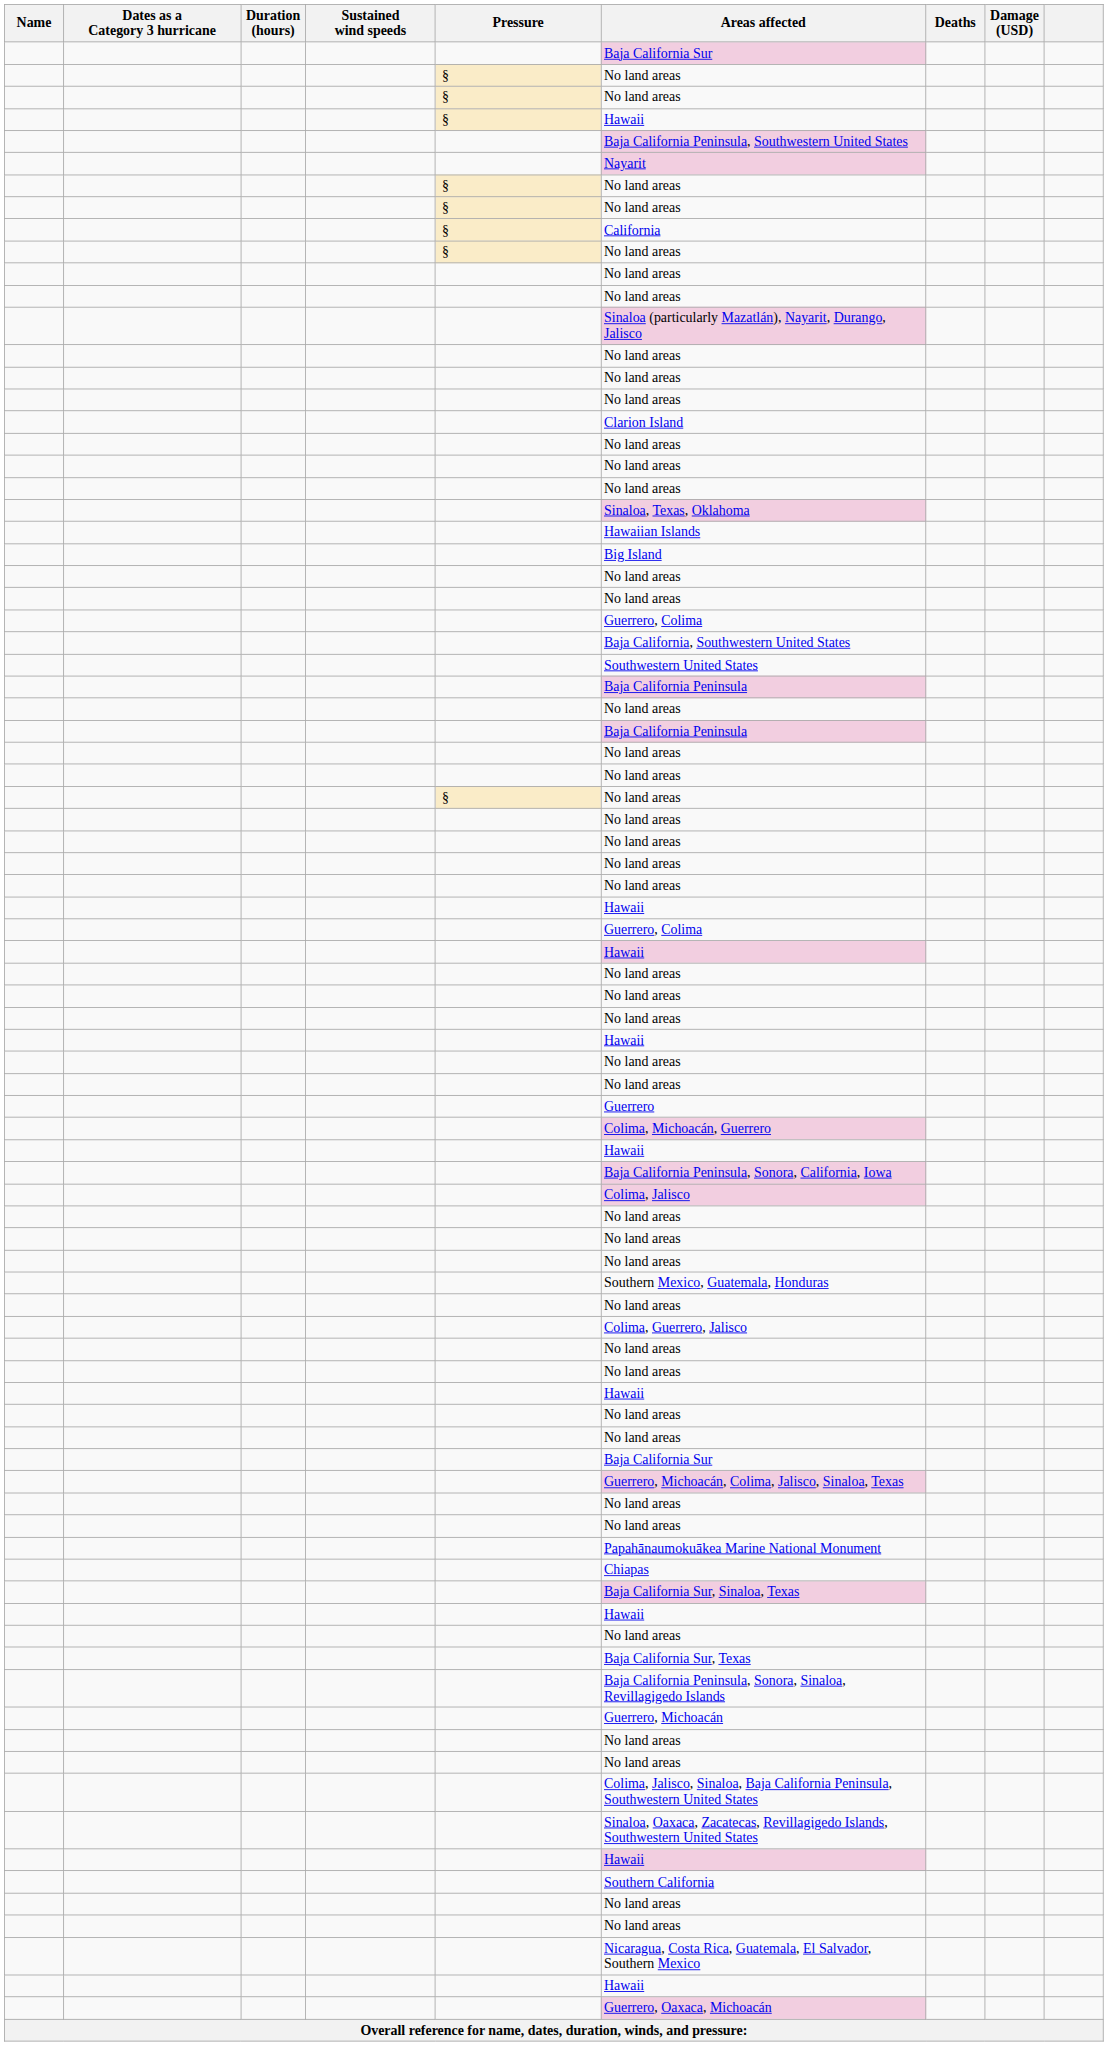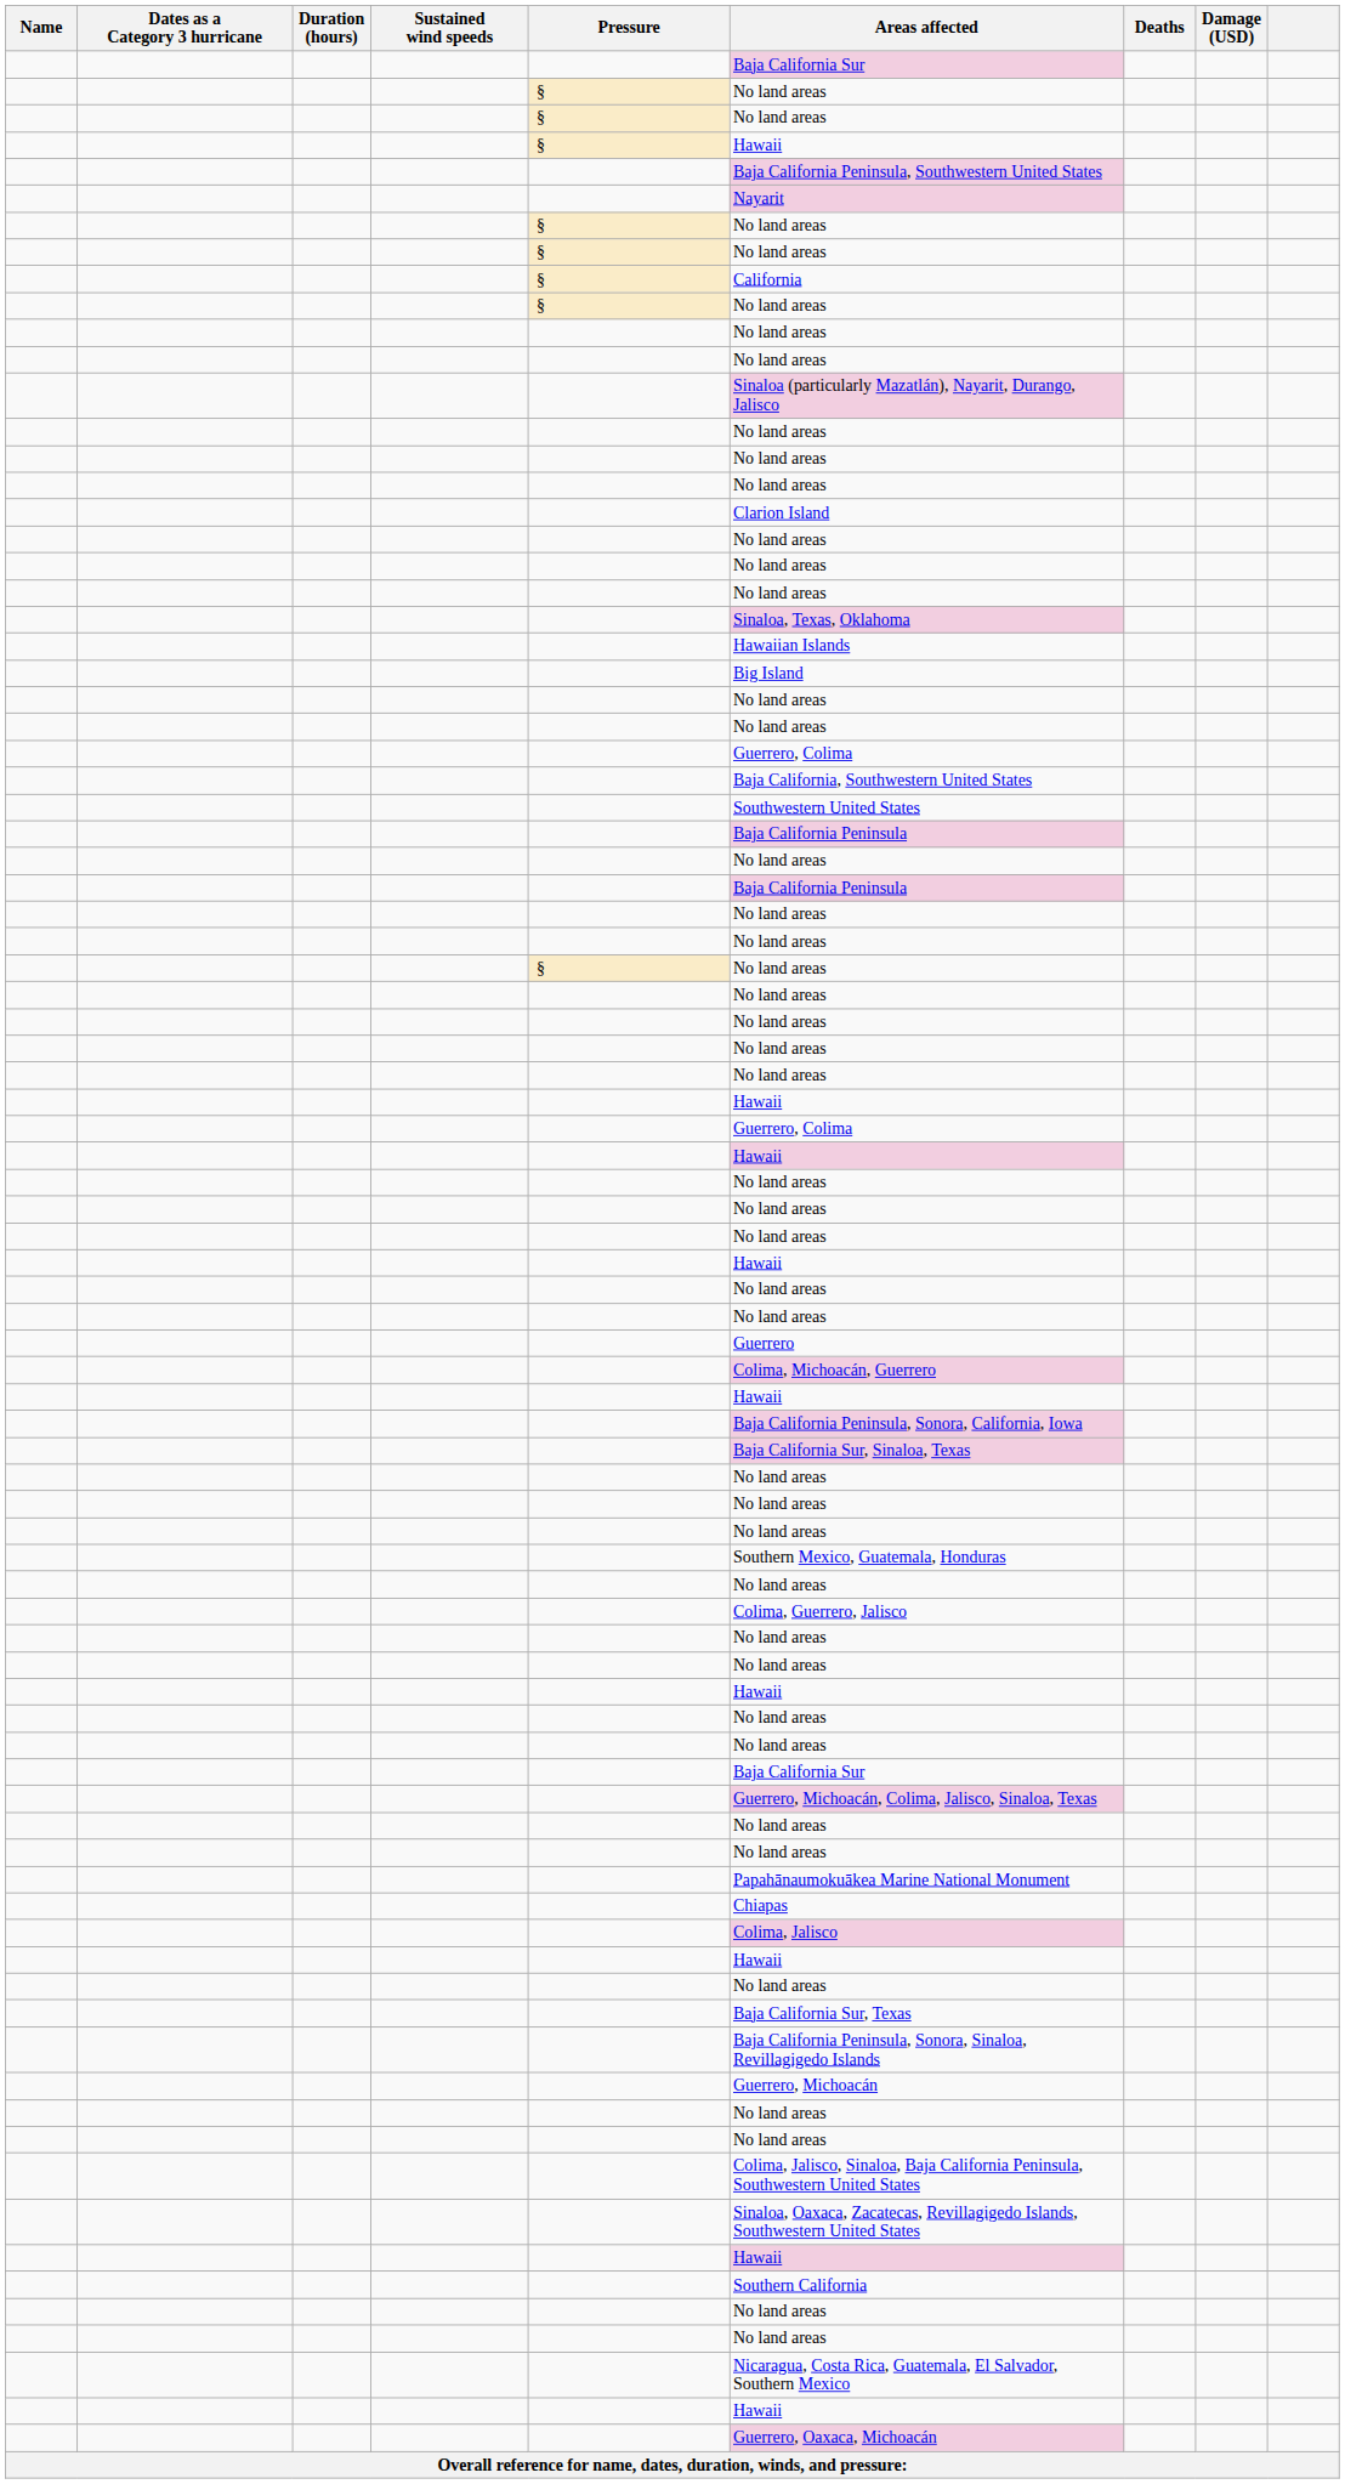 <table class="wikitable sortable" width="100%">
 <tr>
 <th scope="col" width="5%">Name</th>
 <th scope="col" width="15%" data-sort-type="isoDate">Dates as a<br>Category 3 hurricane</th>
 <th scope="col" width="5%">Duration<br>(hours)</th>
 <th scope="col" width="11%">Sustained<br>wind speeds</th>
 <th scope="col" width="14%">Pressure</th>
 <th scope="col" width="27.5%" class="unsortable">Areas affected</th>
 <th scope="col" width="5%">Deaths</th>
 <th scope="col" width="5%">Damage<br>(USD)</th>
 <th scope="col" width="5%" class="unsortable"></th>
 </tr>
 <tr>
 <td></td>
 <td></td>
 <td></td>
 <td></td>
 <td></td>
 <td style="background: #F2CEE0;"><a href='#'>Baja California Sur</a></td>
 <td></td>
 <td></td>
 <td></td>
 </tr>
 <tr>
 <td></td>
 <td></td>
 <td></td>
 <td></td>
 <td style="background: #FAECC8;"> §</td>
 <td>No land areas</td>
 <td></td>
 <td></td>
 <td></td>
 </tr>
 <tr>
 <td></td>
 <td></td>
 <td></td>
 <td></td>
 <td style="background: #FAECC8;"> §</td>
 <td>No land areas</td>
 <td></td>
 <td></td>
 <td></td>
 </tr>
 <tr>
 <td></td>
 <td></td>
 <td></td>
 <td></td>
 <td style="background: #FAECC8;"> §</td>
 <td><a href='#'>Hawaii</a></td>
 <td></td>
 <td></td>
 <td></td>
 </tr>
 <tr>
 <td></td>
 <td></td>
 <td></td>
 <td></td>
 <td></td>
 <td style="background: #F2CEE0;"><a href='#'>Baja California Peninsula</a>, <a href='#'>Southwestern United States</a></td>
 <td></td>
 <td></td>
 <td></td>
 </tr>
 <tr>
 <td></td>
 <td></td>
 <td></td>
 <td></td>
 <td></td>
 <td style="background: #F2CEE0;"><a href='#'>Nayarit</a></td>
 <td></td>
 <td></td>
 <td></td>
 </tr>
 <tr>
 <td></td>
 <td></td>
 <td></td>
 <td></td>
 <td style="background: #FAECC8;"> §</td>
 <td>No land areas</td>
 <td></td>
 <td></td>
 <td></td>
 </tr>
 <tr>
 <td></td>
 <td></td>
 <td></td>
 <td></td>
 <td style="background: #FAECC8;"> §</td>
 <td>No land areas</td>
 <td></td>
 <td></td>
 <td></td>
 </tr>
 <tr>
 <td></td>
 <td></td>
 <td></td>
 <td></td>
 <td style="background: #FAECC8;"> §</td>
 <td><a href='#'>California</a></td>
 <td></td>
 <td></td>
 <td></td>
 </tr>
 <tr>
 <td></td>
 <td></td>
 <td></td>
 <td></td>
 <td style="background: #FAECC8;"> §</td>
 <td>No land areas</td>
 <td></td>
 <td></td>
 <td></td>
 </tr>
 <tr>
 <td></td>
 <td></td>
 <td></td>
 <td></td>
 <td></td>
 <td>No land areas</td>
 <td></td>
 <td></td>
 <td></td>
 </tr>
 <tr>
 <td></td>
 <td></td>
 <td></td>
 <td></td>
 <td></td>
 <td>No land areas</td>
 <td></td>
 <td></td>
 <td></td>
 </tr>
 <tr>
 <td></td>
 <td></td>
 <td></td>
 <td></td>
 <td></td>
 <td style="background: #F2CEE0;"><a href='#'>Sinaloa</a> (particularly <a href='#'>Mazatlán</a>), <a href='#'>Nayarit</a>, <a href='#'>Durango</a>, <a href='#'>Jalisco</a></td>
 <td></td>
 <td></td>
 <td></td>
 </tr>
 <tr>
 <td></td>
 <td></td>
 <td></td>
 <td></td>
 <td></td>
 <td>No land areas</td>
 <td></td>
 <td></td>
 <td></td>
 </tr>
 <tr>
 <td></td>
 <td></td>
 <td></td>
 <td></td>
 <td></td>
 <td>No land areas</td>
 <td></td>
 <td></td>
 <td></td>
 </tr>
 <tr>
 <td></td>
 <td></td>
 <td></td>
 <td></td>
 <td></td>
 <td>No land areas</td>
 <td></td>
 <td></td>
 <td></td>
 </tr>
 <tr>
 <td></td>
 <td></td>
 <td></td>
 <td></td>
 <td></td>
 <td><a href='#'>Clarion Island</a></td>
 <td></td>
 <td></td>
 <td></td>
 </tr>
 <tr>
 <td></td>
 <td></td>
 <td></td>
 <td></td>
 <td></td>
 <td>No land areas</td>
 <td></td>
 <td></td>
 <td></td>
 </tr>
 <tr>
 <td></td>
 <td></td>
 <td></td>
 <td></td>
 <td></td>
 <td>No land areas</td>
 <td></td>
 <td></td>
 <td></td>
 </tr>
 <tr>
 <td></td>
 <td></td>
 <td></td>
 <td></td>
 <td></td>
 <td>No land areas</td>
 <td></td>
 <td></td>
 <td></td>
 </tr>
 <tr>
 <td></td>
 <td></td>
 <td></td>
 <td></td>
 <td></td>
 <td style="background: #F2CEE0;"><a href='#'>Sinaloa</a>, <a href='#'>Texas</a>, <a href='#'>Oklahoma</a></td>
 <td></td>
 <td></td>
 <td></td>
 </tr>
 <tr>
 <td></td>
 <td></td>
 <td></td>
 <td></td>
 <td></td>
 <td><a href='#'>Hawaiian Islands</a></td>
 <td></td>
 <td></td>
 <td></td>
 </tr>
 <tr>
 <td></td>
 <td></td>
 <td></td>
 <td></td>
 <td></td>
 <td><a href='#'>Big Island</a></td>
 <td></td>
 <td></td>
 <td></td>
 </tr>
 <tr>
 <td></td>
 <td></td>
 <td></td>
 <td></td>
 <td></td>
 <td>No land areas</td>
 <td></td>
 <td></td>
 <td></td>
 </tr>
 <tr>
 <td></td>
 <td></td>
 <td></td>
 <td></td>
 <td></td>
 <td>No land areas</td>
 <td></td>
 <td></td>
 <td></td>
 </tr>
 <tr>
 <td></td>
 <td></td>
 <td></td>
 <td></td>
 <td></td>
 <td><a href='#'>Guerrero</a>, <a href='#'>Colima</a></td>
 <td></td>
 <td></td>
 <td></td>
 </tr>
 <tr>
 <td></td>
 <td></td>
 <td></td>
 <td></td>
 <td></td>
 <td><a href='#'>Baja California</a>, <a href='#'>Southwestern United States</a></td>
 <td></td>
 <td></td>
 <td></td>
 </tr>
 <tr>
 <td></td>
 <td></td>
 <td></td>
 <td></td>
 <td></td>
 <td><a href='#'>Southwestern United States</a></td>
 <td></td>
 <td></td>
 <td></td>
 </tr>
 <tr>
 <td></td>
 <td></td>
 <td></td>
 <td></td>
 <td></td>
 <td style="background: #F2CEE0;"><a href='#'>Baja California Peninsula</a></td>
 <td></td>
 <td></td>
 <td></td>
 </tr>
 <tr>
 <td></td>
 <td></td>
 <td></td>
 <td></td>
 <td></td>
 <td>No land areas</td>
 <td></td>
 <td></td>
 <td></td>
 </tr>
 <tr>
 <td></td>
 <td></td>
 <td></td>
 <td></td>
 <td></td>
 <td style="background: #F2CEE0;"><a href='#'>Baja California Peninsula</a></td>
 <td></td>
 <td></td>
 <td></td>
 </tr>
 <tr>
 <td></td>
 <td></td>
 <td></td>
 <td></td>
 <td></td>
 <td>No land areas</td>
 <td></td>
 <td></td>
 <td></td>
 </tr>
 <tr>
 <td></td>
 <td></td>
 <td></td>
 <td></td>
 <td></td>
 <td>No land areas</td>
 <td></td>
 <td></td>
 <td></td>
 </tr>
 <tr>
 <td></td>
 <td></td>
 <td></td>
 <td></td>
 <td style="background: #FAECC8;"> §</td>
 <td>No land areas</td>
 <td></td>
 <td></td>
 <td></td>
 </tr>
 <tr>
 <td></td>
 <td></td>
 <td></td>
 <td></td>
 <td></td>
 <td>No land areas</td>
 <td></td>
 <td></td>
 <td></td>
 </tr>
 <tr>
 <td></td>
 <td></td>
 <td></td>
 <td></td>
 <td></td>
 <td>No land areas</td>
 <td></td>
 <td></td>
 <td></td>
 </tr>
 <tr>
 <td></td>
 <td></td>
 <td></td>
 <td></td>
 <td></td>
 <td>No land areas</td>
 <td></td>
 <td></td>
 <td></td>
 </tr>
 <tr>
 <td></td>
 <td></td>
 <td></td>
 <td></td>
 <td></td>
 <td>No land areas</td>
 <td></td>
 <td></td>
 <td></td>
 </tr>
 <tr>
 <td></td>
 <td></td>
 <td></td>
 <td></td>
 <td></td>
 <td><a href='#'>Hawaii</a></td>
 <td></td>
 <td></td>
 <td></td>
 </tr>
 <tr>
 <td></td>
 <td></td>
 <td></td>
 <td></td>
 <td></td>
 <td><a href='#'>Guerrero</a>, <a href='#'>Colima</a></td>
 <td></td>
 <td></td>
 <td></td>
 </tr>
 <tr>
 <td></td>
 <td></td>
 <td></td>
 <td></td>
 <td></td>
 <td style="background: #F2CEE0;"><a href='#'>Hawaii</a></td>
 <td></td>
 <td></td>
 <td></td>
 </tr>
 <tr>
 <td></td>
 <td></td>
 <td></td>
 <td></td>
 <td></td>
 <td>No land areas</td>
 <td></td>
 <td></td>
 <td></td>
 </tr>
 <tr>
 <td></td>
 <td></td>
 <td></td>
 <td></td>
 <td></td>
 <td>No land areas</td>
 <td></td>
 <td></td>
 <td></td>
 </tr>
 <tr>
 <td></td>
 <td></td>
 <td></td>
 <td></td>
 <td></td>
 <td>No land areas</td>
 <td></td>
 <td></td>
 <td></td>
 </tr>
 <tr>
 <td></td>
 <td></td>
 <td></td>
 <td></td>
 <td></td>
 <td><a href='#'>Hawaii</a></td>
 <td></td>
 <td></td>
 <td></td>
 </tr>
 <tr>
 <td></td>
 <td></td>
 <td></td>
 <td></td>
 <td></td>
 <td>No land areas</td>
 <td></td>
 <td></td>
 <td></td>
 </tr>
 <tr>
 <td></td>
 <td></td>
 <td></td>
 <td></td>
 <td></td>
 <td>No land areas</td>
 <td></td>
 <td></td>
 <td></td>
 </tr>
 <tr>
 <td></td>
 <td></td>
 <td></td>
 <td></td>
 <td></td>
 <td><a href='#'>Guerrero</a></td>
 <td></td>
 <td></td>
 <td></td>
 </tr>
 <tr>
 <td></td>
 <td></td>
 <td></td>
 <td></td>
 <td></td>
 <td style="background: #F2CEE0;"><a href='#'>Colima</a>, <a href='#'>Michoacán</a>, <a href='#'>Guerrero</a></td>
 <td></td>
 <td></td>
 <td></td>
 </tr>
 <tr>
 <td></td>
 <td></td>
 <td></td>
 <td></td>
 <td></td>
 <td><a href='#'>Hawaii</a></td>
 <td></td>
 <td></td>
 <td></td>
 </tr>
 <tr>
 <td></td>
 <td></td>
 <td></td>
 <td></td>
 <td></td>
 <td style="background: #F2CEE0;"><a href='#'>Baja California Peninsula</a>, <a href='#'>Sonora</a>, <a href='#'>California</a>, <a href='#'>Iowa</a></td>
 <td></td>
 <td></td>
 <td></td>
 </tr>
 <tr>
 <td></td>
 <td></td>
 <td></td>
 <td></td>
 <td></td>
-<td style="background: #F2CEE0;"><a href='#'>Colima</a>, <a href='#'>Jalisco</a></td>
+<td style="background: #F2CEE0;"><a href='#'>Baja California Sur</a>, <a href='#'>Sinaloa</a>, <a href='#'>Texas</a></td>
 <td></td>
 <td></td>
 <td></td>
 </tr>
 <tr>
 <td></td>
 <td></td>
 <td></td>
 <td></td>
 <td></td>
 <td>No land areas</td>
 <td></td>
 <td></td>
 <td></td>
 </tr>
 <tr>
 <td></td>
 <td></td>
 <td></td>
 <td></td>
 <td></td>
 <td>No land areas</td>
 <td></td>
 <td></td>
 <td></td>
 </tr>
 <tr>
 <td></td>
 <td></td>
 <td></td>
 <td></td>
 <td></td>
 <td>No land areas</td>
 <td></td>
 <td></td>
 <td></td>
 </tr>
 <tr>
 <td></td>
 <td></td>
 <td></td>
 <td></td>
 <td></td>
 <td>Southern <a href='#'>Mexico</a>, <a href='#'>Guatemala</a>, <a href='#'>Honduras</a></td>
 <td></td>
 <td></td>
 <td></td>
 </tr>
 <tr>
 <td></td>
 <td></td>
 <td></td>
 <td></td>
 <td></td>
 <td>No land areas</td>
 <td></td>
 <td></td>
 <td></td>
 </tr>
 <tr>
 <td></td>
 <td></td>
 <td></td>
 <td></td>
 <td></td>
 <td><a href='#'>Colima</a>, <a href='#'>Guerrero</a>, <a href='#'>Jalisco</a></td>
 <td></td>
 <td></td>
 <td></td>
 </tr>
 <tr>
 <td></td>
 <td></td>
 <td></td>
 <td></td>
 <td></td>
 <td>No land areas</td>
 <td></td>
 <td></td>
 <td></td>
 </tr>
 <tr>
 <td></td>
 <td></td>
 <td></td>
 <td></td>
 <td></td>
 <td>No land areas</td>
 <td></td>
 <td></td>
 <td></td>
 </tr>
 <tr>
 <td></td>
 <td></td>
 <td></td>
 <td></td>
 <td></td>
 <td><a href='#'>Hawaii</a></td>
 <td></td>
 <td></td>
 <td></td>
 </tr>
 <tr>
 <td></td>
 <td></td>
 <td></td>
 <td></td>
 <td></td>
 <td>No land areas</td>
 <td></td>
 <td></td>
 <td></td>
 </tr>
 <tr>
 <td></td>
 <td></td>
 <td></td>
 <td></td>
 <td></td>
 <td>No land areas</td>
 <td></td>
 <td></td>
 <td></td>
 </tr>
 <tr>
 <td></td>
 <td></td>
 <td></td>
 <td></td>
 <td></td>
 <td><a href='#'>Baja California Sur</a></td>
 <td></td>
 <td></td>
 <td></td>
 </tr>
 <tr>
 <td></td>
 <td></td>
 <td></td>
 <td></td>
 <td></td>
 <td style="background: #F2CEE0;"><a href='#'>Guerrero</a>, <a href='#'>Michoacán</a>, <a href='#'>Colima</a>, <a href='#'>Jalisco</a>, <a href='#'>Sinaloa</a>, <a href='#'>Texas</a></td>
 <td></td>
 <td></td>
 <td></td>
 </tr>
 <tr>
 <td></td>
 <td></td>
 <td></td>
 <td></td>
 <td></td>
 <td>No land areas</td>
 <td></td>
 <td></td>
 <td></td>
 </tr>
 <tr>
 <td></td>
 <td></td>
 <td></td>
 <td></td>
 <td></td>
 <td>No land areas</td>
 <td></td>
 <td></td>
 <td></td>
 </tr>
 <tr>
 <td></td>
 <td></td>
 <td></td>
 <td></td>
 <td></td>
 <td><a href='#'>Papahānaumokuākea Marine National Monument</a></td>
 <td></td>
 <td></td>
 <td></td>
 </tr>
 <tr>
 <td></td>
 <td></td>
 <td></td>
 <td></td>
 <td></td>
 <td><a href='#'>Chiapas</a></td>
 <td></td>
 <td></td>
 <td></td>
 </tr>
 <tr>
 <td></td>
 <td></td>
 <td></td>
 <td></td>
 <td></td>
-<td style="background: #F2CEE0;"><a href='#'>Baja California Sur</a>, <a href='#'>Sinaloa</a>, <a href='#'>Texas</a></td>
+<td style="background: #F2CEE0;"><a href='#'>Colima</a>, <a href='#'>Jalisco</a></td>
 <td></td>
 <td></td>
 <td></td>
 </tr>
 <tr>
 <td></td>
 <td></td>
 <td></td>
 <td></td>
 <td></td>
 <td><a href='#'>Hawaii</a></td>
 <td></td>
 <td></td>
 <td></td>
 </tr>
 <tr>
 <td></td>
 <td></td>
 <td></td>
 <td></td>
 <td></td>
 <td>No land areas</td>
 <td></td>
 <td></td>
 <td></td>
 </tr>
 <tr>
 <td></td>
 <td></td>
 <td></td>
 <td></td>
 <td></td>
 <td><a href='#'>Baja California Sur</a>, <a href='#'>Texas</a></td>
 <td></td>
 <td></td>
 <td></td>
 </tr>
 <tr>
 <td></td>
 <td></td>
 <td></td>
 <td></td>
 <td></td>
 <td><a href='#'>Baja California Peninsula</a>, <a href='#'>Sonora</a>, <a href='#'>Sinaloa</a>, <a href='#'>Revillagigedo Islands</a></td>
 <td></td>
 <td></td>
 <td></td>
 </tr>
 <tr>
 <td></td>
 <td></td>
 <td></td>
 <td></td>
 <td></td>
 <td><a href='#'>Guerrero</a>, <a href='#'>Michoacán</a></td>
 <td></td>
 <td></td>
 <td></td>
 </tr>
 <tr>
 <td></td>
 <td></td>
 <td></td>
 <td></td>
 <td></td>
 <td>No land areas</td>
 <td></td>
 <td></td>
 <td></td>
 </tr>
 <tr>
 <td></td>
 <td></td>
 <td></td>
 <td></td>
 <td></td>
 <td>No land areas</td>
 <td></td>
 <td></td>
 <td></td>
 </tr>
 <tr>
 <td></td>
 <td></td>
 <td></td>
 <td></td>
 <td></td>
 <td><a href='#'>Colima</a>, <a href='#'>Jalisco</a>, <a href='#'>Sinaloa</a>, <a href='#'>Baja California Peninsula</a>, <a href='#'>Southwestern United States</a></td>
 <td></td>
 <td></td>
 <td></td>
 </tr>
 <tr>
 <td></td>
 <td></td>
 <td></td>
 <td></td>
 <td></td>
 <td><a href='#'>Sinaloa</a>, <a href='#'>Oaxaca</a>, <a href='#'>Zacatecas</a>, <a href='#'>Revillagigedo Islands</a>, <a href='#'>Southwestern United States</a></td>
 <td></td>
 <td></td>
 <td></td>
 </tr>
 <tr>
 <td></td>
 <td></td>
 <td></td>
 <td></td>
 <td></td>
 <td style="background: #F2CEE0;"><a href='#'>Hawaii</a></td>
 <td></td>
 <td></td>
 <td></td>
 </tr>
 <tr>
 <td></td>
 <td></td>
 <td></td>
 <td></td>
 <td></td>
 <td><a href='#'>Southern California</a></td>
 <td></td>
 <td></td>
 <td></td>
 </tr>
 <tr>
 <td></td>
 <td></td>
 <td></td>
 <td></td>
 <td></td>
 <td>No land areas</td>
 <td></td>
 <td></td>
 <td></td>
 </tr>
 <tr>
 <td></td>
 <td></td>
 <td></td>
 <td></td>
 <td></td>
 <td>No land areas</td>
 <td></td>
 <td></td>
 <td></td>
 </tr>
 <tr>
 <td></td>
 <td></td>
 <td></td>
 <td></td>
 <td></td>
 <td><a href='#'>Nicaragua</a>, <a href='#'>Costa Rica</a>, <a href='#'>Guatemala</a>, <a href='#'>El Salvador</a>, Southern <a href='#'>Mexico</a></td>
 <td></td>
 <td></td>
 <td></td>
 </tr>
 <tr>
 <td></td>
 <td></td>
 <td></td>
 <td></td>
 <td></td>
 <td><a href='#'>Hawaii</a></td>
 <td></td>
 <td></td>
 <td></td>
 </tr>
 <tr>
 <td></td>
 <td></td>
 <td></td>
 <td></td>
 <td></td>
 <td style="background: #F2CEE0;"><a href='#'>Guerrero</a>, <a href='#'>Oaxaca</a>, <a href='#'>Michoacán</a></td>
 <td></td>
 <td></td>
 <td></td>
 </tr>
 <tr>
 <th colspan=9>Overall reference for name, dates, duration, winds, and pressure:</th>
 </tr>
 </table>
